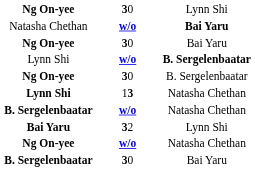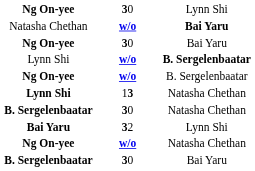 <table style="text-align:center; font-size: 90%">
 <tr>
 <th width=125></th>
 <th width=65></th>
 <th width=125></th>
 </tr>
 <tr>
 <td><strong>Ng On-yee</strong></td>
 <td><strong>3</strong>0</td>
 <td>Lynn Shi</td>
 </tr>
 <tr>
 <td>Natasha Chethan</td>
 <td>‍<strong><a href='#'>w/o</a></strong></td>
 <td><strong>Bai Yaru</strong></td>
 </tr>
 <tr>
 <td><strong>Ng On-yee</strong></td>
 <td><strong>3</strong>0</td>
 <td>Bai Yaru</td>
 </tr>
 <tr>
 <td>Lynn Shi</td>
 <td><strong><a href='#'>w/o</a></strong>‍</td>
 <td><strong>B. Sergelenbaatar</strong></td>
 </tr>
 <tr>
 <td><strong>Ng On-yee</strong></td>
-<td><strong>3</strong>0</td>
+<td><strong><a href='#'>w/o</a></strong>‍</td>
 <td>B. Sergelenbaatar</td>
 </tr>
 <tr>
 <td><strong>Lynn Shi</strong></td>
 <td>1<strong>3</strong></td>
 <td>Natasha Chethan</td>
 </tr>
 <tr>
 <td><strong>B. Sergelenbaatar</strong></td>
-<td><strong><a href='#'>w/o</a></strong>‍</td>
+<td><strong>3</strong>0</td>
 <td>Natasha Chethan</td>
 </tr>
 <tr>
 <td><strong>Bai Yaru</strong></td>
 <td><strong>3</strong>2</td>
 <td>Lynn Shi</td>
 </tr>
 <tr>
 <td><strong>Ng On-yee</strong></td>
 <td><strong><a href='#'>w/o</a></strong>‍</td>
 <td>Natasha Chethan</td>
 </tr>
 <tr>
 <td><strong>B. Sergelenbaatar</strong></td>
 <td><strong>3</strong>0</td>
 <td>Bai Yaru</td>
 </tr>
 </table>
